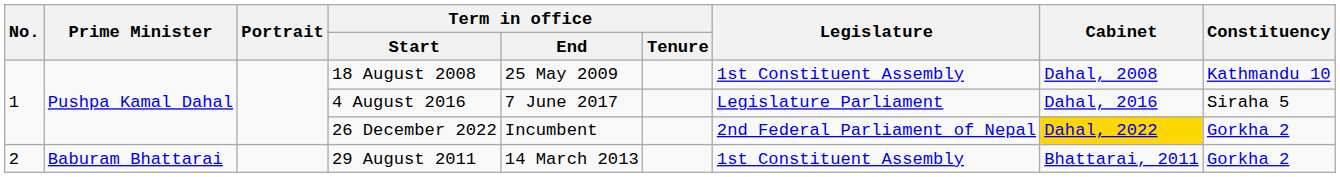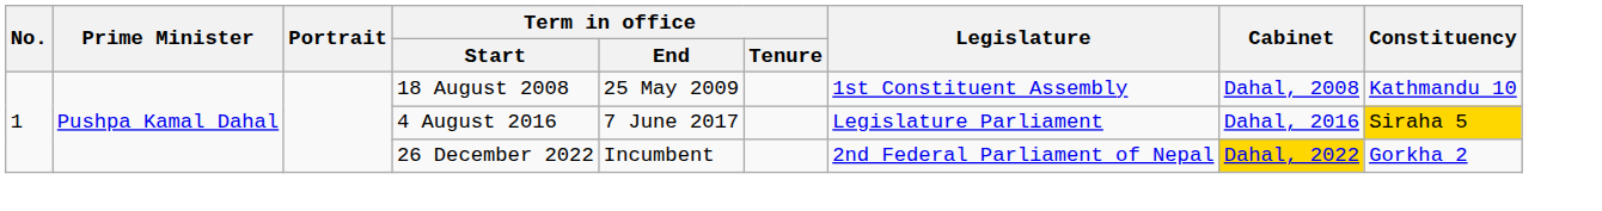 <table class="wikitable">
 <tr>
 <th rowspan="2" style="background-color:">No.</th>
 <th rowspan="2" style="background-color:">Prime Minister</th>
 <th rowspan="2" style="background-color:">Portrait</th>
 <th colspan="3" style="background-color:">Term in office</th>
 <th rowspan="2" style="background-color:">Legislature</th>
 <th rowspan="2" style="background-color:">Cabinet</th>
 <th rowspan="2" style="background-color:">Constituency</th>
 </tr>
 <tr>
 <th style="background-color:">Start</th>
 <th style="background-color:">End</th>
 <th style="background-color:">Tenure</th>
 </tr>
 <tr>
 <td rowspan="3">1</td>
 <td rowspan="3"><a href='#'>Pushpa Kamal Dahal</a></td>
 <td rowspan="3"></td>
 <td>18 August 2008</td>
 <td>25 May 2009</td>
 <td></td>
 <td><a href='#'>1st Constituent Assembly</a></td>
 <td><a href='#'>Dahal, 2008</a></td>
 <td><a href='#'>Kathmandu 10</a></td>
 </tr>
 <tr>
 <td>4 August 2016</td>
 <td>7 June 2017</td>
 <td></td>
 <td><a href='#'>Legislature Parliament</a></td>
 <td><a href='#'>Dahal, 2016</a></td>
-<td>Siraha 5</td>
+<td style="background: gold;">Siraha 5</td>
 </tr>
 <tr>
 <td>26 December 2022</td>
 <td>Incumbent</td>
 <td></td>
 <td><a href='#'>2nd Federal Parliament of Nepal</a></td>
 <td style="background: gold;"><a href='#'>Dahal, 2022</a></td>
 <td><a href='#'>Gorkha 2</a></td>
 </tr>
-<tr>
-<td>2</td>
-<td><a href='#'>Baburam Bhattarai</a></td>
-<td></td>
-<td>29 August 2011</td>
-<td>14 March 2013</td>
-<td></td>
-<td><a href='#'>1st Constituent Assembly</a></td>
-<td><a href='#'>Bhattarai, 2011</a></td>
-<td><a href='#'>Gorkha 2</a></td>
-</tr>
 </table>
